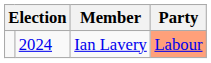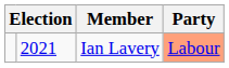 <table class="wikitable">
 <tr>
 <th colspan="2">Election</th>
 <th>Member</th>
 <th>Party</th>
 </tr>
 <tr>
 <td style="color:inherit;background-color: "></td>
-<td><a href='#'>2024</a></td>
+<td><a href='#'>2021</a></td>
 <td><a href='#'>Ian Lavery</a></td>
 <td style="background: lightsalmon;"><a href='#'>Labour</a></td>
 </tr>
 </table>
